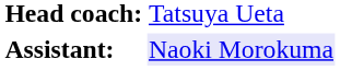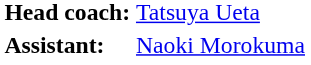 <table>
 <tr>
 <td><strong>Head coach:</strong></td>
 <td><a href='#'>Tatsuya Ueta</a></td>
 </tr>
 <tr>
 <td><strong>Assistant:</strong></td>
-<td style="background: lavender;"><a href='#'>Naoki Morokuma</a></td>
+<td><a href='#'>Naoki Morokuma</a></td>
 </tr>
 </table>
